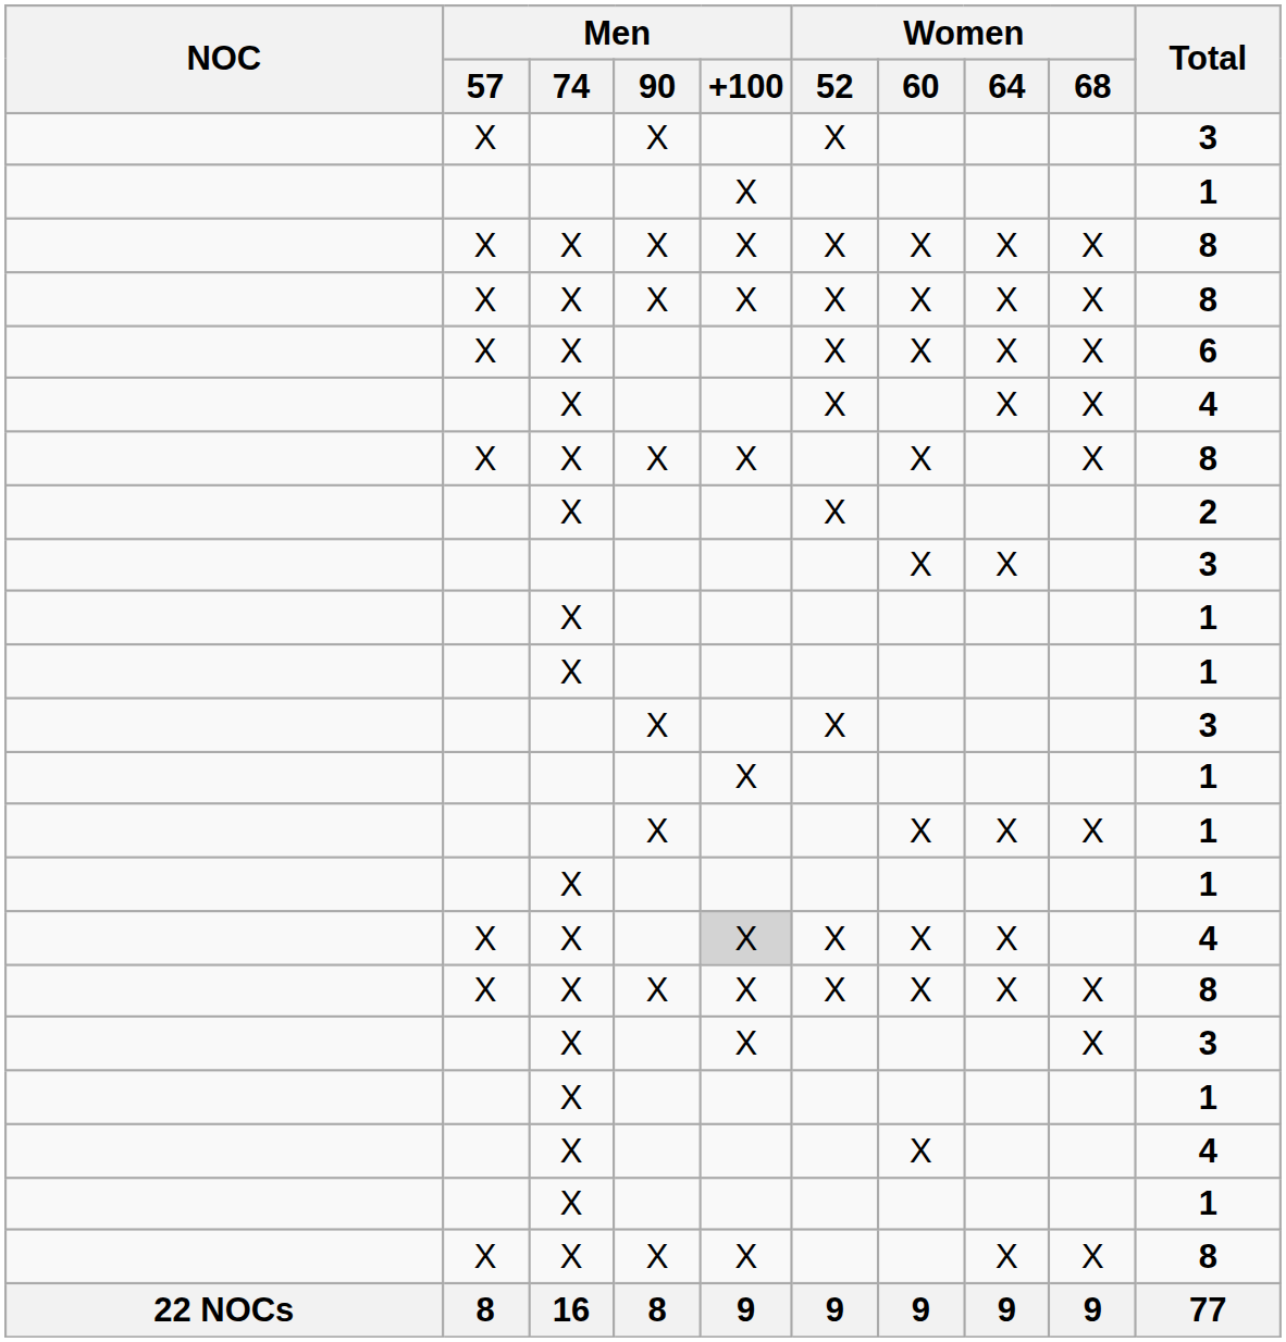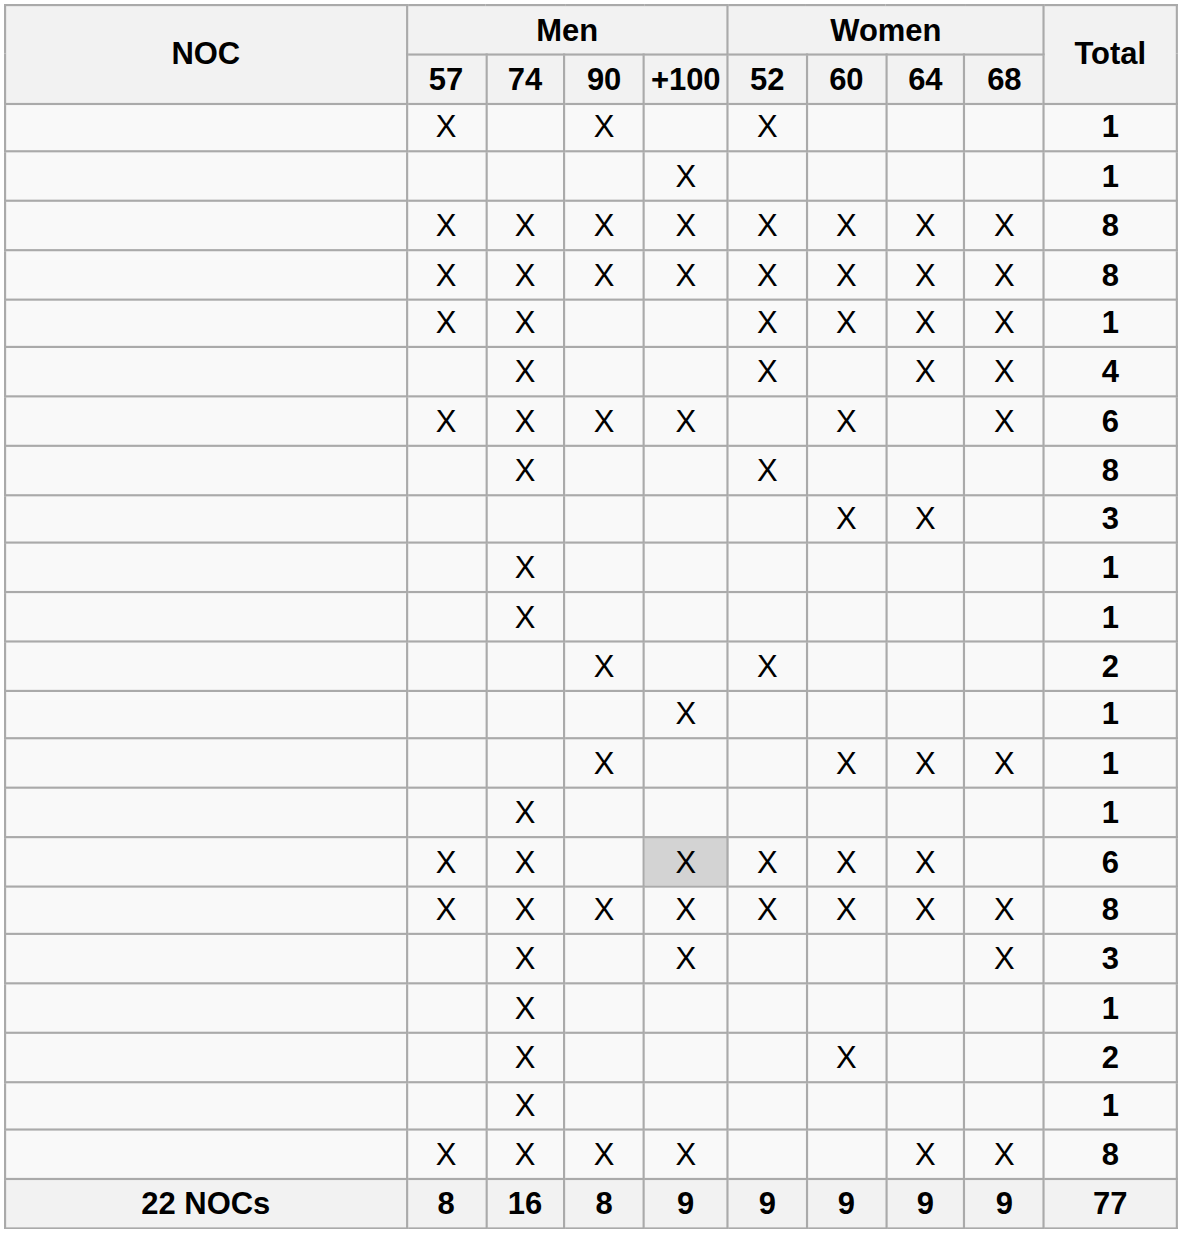 <table class="wikitable" style="text-align:center; font-size:90%">
 <tr>
 <th rowspan="2" width=180 align="left">NOC</th>
 <th colspan="4">Men</th>
 <th colspan=4>Women</th>
 <th ! width=55 rowspan="2">Total</th>
 </tr>
 <tr>
 <th width=30>57</th>
 <th width=30>74</th>
 <th width=30>90</th>
 <th width=30>+100</th>
 <th width=30>52</th>
 <th width=30>60</th>
 <th width=30>64</th>
 <th width=30>68</th>
 </tr>
 <tr>
 <td align=left></td>
 <td>X</td>
 <td></td>
 <td>X</td>
 <td></td>
 <td>X</td>
 <td></td>
 <td></td>
 <td></td>
-<td><strong>3</strong></td>
+<td><strong>1</strong></td>
 </tr>
 <tr>
 <td align=left></td>
 <td></td>
 <td></td>
 <td></td>
 <td>X</td>
 <td></td>
 <td></td>
 <td></td>
 <td></td>
 <td><strong>1</strong></td>
 </tr>
 <tr>
 <td align=left></td>
 <td>X</td>
 <td>X</td>
 <td>X</td>
 <td>X</td>
 <td>X</td>
 <td>X</td>
 <td>X</td>
 <td>X</td>
 <td><strong>8</strong></td>
 </tr>
 <tr>
 <td align=left></td>
 <td>X</td>
 <td>X</td>
 <td>X</td>
 <td>X</td>
 <td>X</td>
 <td>X</td>
 <td>X</td>
 <td>X</td>
 <td><strong>8</strong></td>
 </tr>
 <tr>
 <td align=left></td>
 <td>X</td>
 <td>X</td>
 <td></td>
 <td></td>
 <td>X</td>
 <td>X</td>
 <td>X</td>
 <td>X</td>
-<td><strong>6</strong></td>
+<td><strong>1</strong></td>
 </tr>
 <tr>
 <td align=left></td>
 <td></td>
 <td>X</td>
 <td></td>
 <td></td>
 <td>X</td>
 <td></td>
 <td>X</td>
 <td>X</td>
 <td><strong>4</strong></td>
 </tr>
 <tr>
 <td align=left></td>
 <td>X</td>
 <td>X</td>
 <td>X</td>
 <td>X</td>
 <td></td>
 <td>X</td>
 <td></td>
 <td>X</td>
-<td><strong>8</strong></td>
+<td><strong>6</strong></td>
 </tr>
 <tr>
 <td align=left></td>
 <td></td>
 <td>X</td>
 <td></td>
 <td></td>
 <td>X</td>
 <td></td>
 <td></td>
 <td></td>
-<td><strong>2</strong></td>
+<td><strong>8</strong></td>
 </tr>
 <tr>
 <td align=left></td>
 <td></td>
 <td></td>
 <td></td>
 <td></td>
 <td></td>
 <td>X</td>
 <td>X</td>
 <td></td>
 <td><strong>3</strong></td>
 </tr>
 <tr>
 <td align=left></td>
 <td></td>
 <td>X</td>
 <td></td>
 <td></td>
 <td></td>
 <td></td>
 <td></td>
 <td></td>
 <td><strong>1</strong></td>
 </tr>
 <tr>
 <td align=left></td>
 <td></td>
 <td>X</td>
 <td></td>
 <td></td>
 <td></td>
 <td></td>
 <td></td>
 <td></td>
 <td><strong>1</strong></td>
 </tr>
 <tr>
 <td align=left></td>
 <td></td>
 <td></td>
 <td>X</td>
 <td></td>
 <td>X</td>
 <td></td>
 <td></td>
 <td></td>
-<td><strong>3</strong></td>
+<td><strong>2</strong></td>
 </tr>
 <tr>
 <td align=left></td>
 <td></td>
 <td></td>
 <td></td>
 <td>X</td>
 <td></td>
 <td></td>
 <td></td>
 <td></td>
 <td><strong>1</strong></td>
 </tr>
 <tr>
 <td align=left></td>
 <td></td>
 <td></td>
 <td>X</td>
 <td></td>
 <td></td>
 <td>X</td>
 <td>X</td>
 <td>X</td>
 <td><strong>1</strong></td>
 </tr>
 <tr>
 <td align=left></td>
 <td></td>
 <td>X</td>
 <td></td>
 <td></td>
 <td></td>
 <td></td>
 <td></td>
 <td></td>
 <td><strong>1</strong></td>
 </tr>
 <tr>
 <td align=left></td>
 <td>X</td>
 <td>X</td>
 <td></td>
 <td style="background: lightgrey;">X</td>
 <td>X</td>
 <td>X</td>
 <td>X</td>
 <td></td>
-<td><strong>4</strong></td>
+<td><strong>6</strong></td>
 </tr>
 <tr>
 <td align=left></td>
 <td>X</td>
 <td>X</td>
 <td>X</td>
 <td>X</td>
 <td>X</td>
 <td>X</td>
 <td>X</td>
 <td>X</td>
 <td><strong>8</strong></td>
 </tr>
 <tr>
 <td align=left></td>
 <td></td>
 <td>X</td>
 <td></td>
 <td>X</td>
 <td></td>
 <td></td>
 <td></td>
 <td>X</td>
 <td><strong>3</strong></td>
 </tr>
 <tr>
 <td align=left></td>
 <td></td>
 <td>X</td>
 <td></td>
 <td></td>
 <td></td>
 <td></td>
 <td></td>
 <td></td>
 <td><strong>1</strong></td>
 </tr>
 <tr>
 <td align=left></td>
 <td></td>
 <td>X</td>
 <td></td>
 <td></td>
 <td></td>
 <td>X</td>
 <td></td>
 <td></td>
-<td><strong>4</strong></td>
+<td><strong>2</strong></td>
 </tr>
 <tr>
 <td align=left></td>
 <td></td>
 <td>X</td>
 <td></td>
 <td></td>
 <td></td>
 <td></td>
 <td></td>
 <td></td>
 <td><strong>1</strong></td>
 </tr>
 <tr>
 <td align=left></td>
 <td>X</td>
 <td>X</td>
 <td>X</td>
 <td>X</td>
 <td></td>
 <td></td>
 <td>X</td>
 <td>X</td>
 <td><strong>8</strong></td>
 </tr>
 <tr>
 <th>22 NOCs</th>
 <th>8</th>
 <th>16</th>
 <th>8</th>
 <th>9</th>
 <th>9</th>
 <th>9</th>
 <th>9</th>
 <th>9</th>
 <th>77</th>
 </tr>
 </table>
